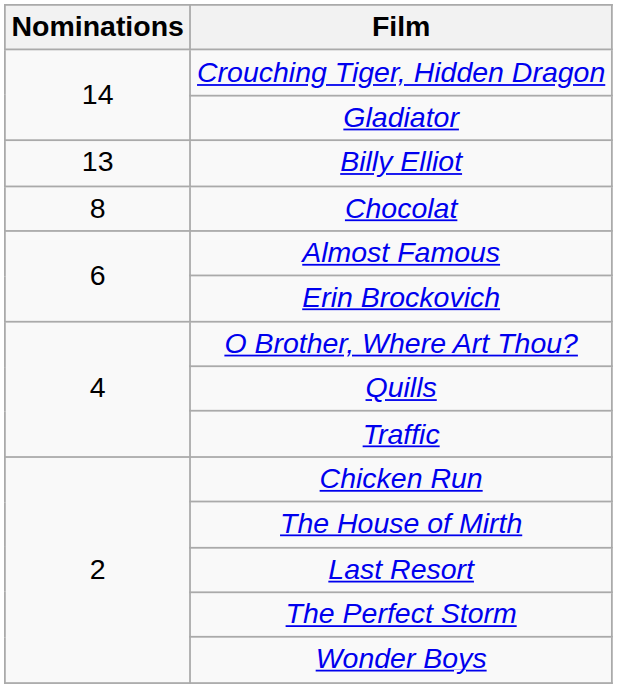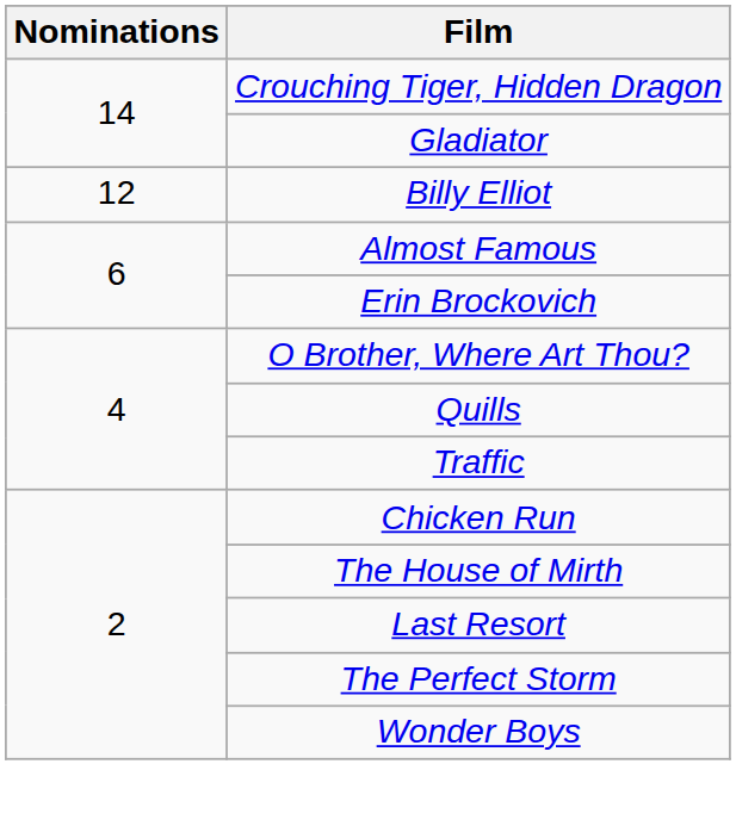 <table class="wikitable" style="text-align:center;">
 <tr>
 <th style="background:">Nominations</th>
 <th style="background:">Film</th>
 </tr>
 <tr>
 <td rowspan="2">14</td>
 <td><em><a href='#'>Crouching Tiger, Hidden Dragon</a></em></td>
 </tr>
 <tr>
 <td><em><a href='#'>Gladiator</a></em></td>
 </tr>
 <tr>
-<td>13</td>
+<td>12</td>
 <td><em><a href='#'>Billy Elliot</a></em></td>
-</tr>
-<tr>
-<td>8</td>
-<td><em><a href='#'>Chocolat</a></em></td>
 </tr>
 <tr>
 <td rowspan="2">6</td>
 <td><em><a href='#'>Almost Famous</a></em></td>
 </tr>
 <tr>
 <td><em><a href='#'>Erin Brockovich</a></em></td>
 </tr>
 <tr>
 <td rowspan="3">4</td>
 <td><em><a href='#'>O Brother, Where Art Thou?</a></em></td>
 </tr>
 <tr>
 <td><em><a href='#'>Quills</a></em></td>
 </tr>
 <tr>
 <td><em><a href='#'>Traffic</a></em></td>
 </tr>
 <tr>
 <td rowspan="5">2</td>
 <td><em><a href='#'>Chicken Run</a></em></td>
 </tr>
 <tr>
 <td><em><a href='#'>The House of Mirth</a></em></td>
 </tr>
 <tr>
 <td><em><a href='#'>Last Resort</a></em></td>
 </tr>
 <tr>
 <td><em><a href='#'>The Perfect Storm</a></em></td>
 </tr>
 <tr>
 <td><em><a href='#'>Wonder Boys</a></em></td>
 </tr>
 </table>
